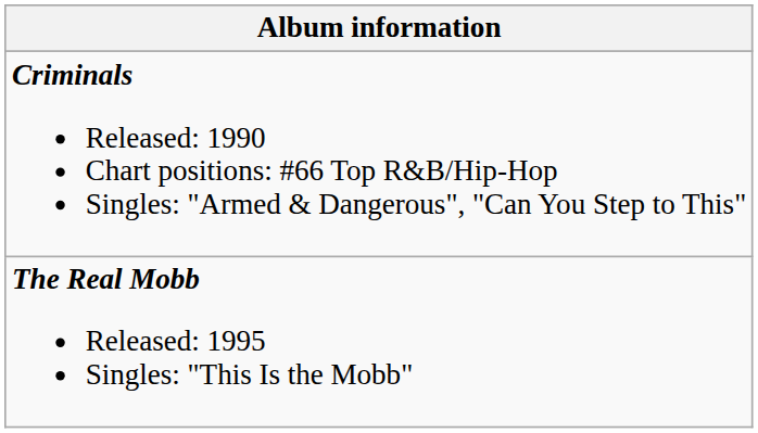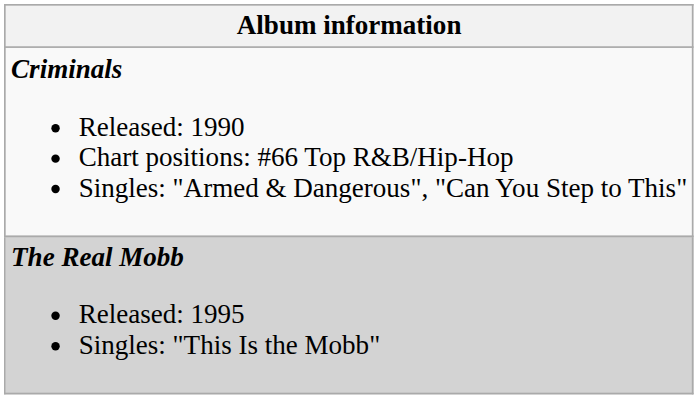 <table class="wikitable">
 <tr>
 <th>Album information</th>
 </tr>
 <tr>
 <td><strong><em>Criminals</em></strong><br><ul><li>Released: 1990</li><li>Chart positions: #66 Top R&B/Hip-Hop</li><li>Singles: "Armed & Dangerous", "Can You Step to This"</li></ul></td>
 </tr>
 <tr>
-<td><strong><em>The Real Mobb</em></strong><br><ul><li>Released: 1995</li><li>Singles: "This Is the Mobb"</li></ul></td>
+<td style="background: lightgrey;"><strong><em>The Real Mobb</em></strong><br><ul><li>Released: 1995</li><li>Singles: "This Is the Mobb"</li></ul></td>
 </tr>
 </table>
